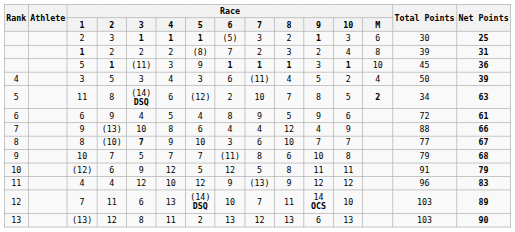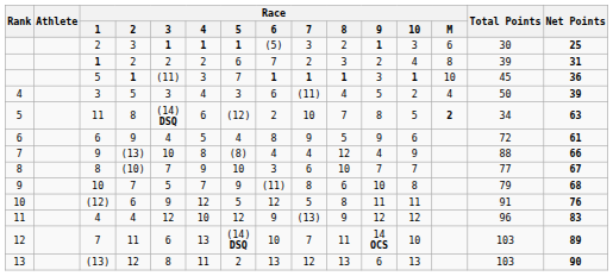 <table class="wikitable" style="text-align:center">
 <tr>
 <th rowspan="2">Rank</th>
 <th rowspan="2">Athlete</th>
 <th colspan="11">Race</th>
 <th rowspan="2">Total Points</th>
 <th rowspan="2">Net Points</th>
 </tr>
 <tr>
 <th width=40>1</th>
 <th width=40>2</th>
 <th width=40>3</th>
 <th width=40>4</th>
 <th width=40>5</th>
 <th width=40>6</th>
 <th width=40>7</th>
 <th width=40>8</th>
 <th width=40>9</th>
 <th width=40>10</th>
 <th width=40>M</th>
 </tr>
 <tr>
 <td></td>
 <td align=left></td>
 <td>2</td>
 <td>3</td>
 <td><strong>1</strong></td>
 <td><strong>1</strong></td>
 <td><strong>1</strong></td>
 <td>(5)</td>
 <td>3</td>
 <td>2</td>
 <td><strong>1</strong></td>
 <td>3</td>
 <td>6</td>
 <td align="center">30</td>
 <td align="center"><strong>25</strong></td>
 </tr>
 <tr>
 <td></td>
 <td align=left></td>
 <td><strong>1</strong></td>
 <td>2</td>
 <td>2</td>
 <td>2</td>
-<td>(8)</td>
+<td>6</td>
 <td>7</td>
 <td>2</td>
 <td>3</td>
 <td>2</td>
 <td>4</td>
 <td>8</td>
 <td align="center">39</td>
 <td align="center"><strong>31</strong></td>
 </tr>
 <tr>
 <td></td>
 <td align=left></td>
 <td>5</td>
 <td><strong>1</strong></td>
 <td>(11)</td>
 <td>3</td>
-<td>9</td>
+<td>7</td>
 <td><strong>1</strong></td>
 <td><strong>1</strong></td>
 <td><strong>1</strong></td>
 <td>3</td>
 <td><strong>1</strong></td>
 <td>10</td>
 <td align="center">45</td>
 <td align="center"><strong>36</strong></td>
 </tr>
 <tr>
 <td>4</td>
 <td align=left></td>
 <td>3</td>
 <td>5</td>
 <td>3</td>
 <td>4</td>
 <td>3</td>
 <td>6</td>
 <td>(11)</td>
 <td>4</td>
 <td>5</td>
 <td>2</td>
 <td>4</td>
 <td align="center">50</td>
 <td align="center"><strong>39</strong></td>
 </tr>
 <tr>
 <td>5</td>
 <td align=left></td>
 <td>11</td>
 <td>8</td>
 <td>(14)<br><strong>DSQ</strong></td>
 <td>6</td>
 <td>(12)</td>
 <td>2</td>
 <td>10</td>
 <td>7</td>
 <td>8</td>
 <td>5</td>
 <td><strong>2</strong></td>
 <td align="center">34</td>
 <td align="center"><strong>63</strong></td>
 </tr>
 <tr>
 <td>6</td>
 <td align=left></td>
 <td>6</td>
 <td>9</td>
 <td>4</td>
 <td>5</td>
 <td>4</td>
 <td>8</td>
 <td>9</td>
 <td>5</td>
 <td>9</td>
 <td>6</td>
 <td></td>
 <td align="center">72</td>
 <td align="center"><strong>61</strong></td>
 </tr>
 <tr>
 <td>7</td>
 <td align=left></td>
 <td>9</td>
 <td>(13)</td>
 <td>10</td>
 <td>8</td>
-<td>6</td>
+<td>(8)</td>
 <td>4</td>
 <td>4</td>
 <td>12</td>
 <td>4</td>
 <td>9</td>
 <td></td>
 <td align="center">88</td>
 <td align="center"><strong>66</strong></td>
 </tr>
 <tr>
 <td>8</td>
 <td align=left></td>
 <td>8</td>
 <td>(10)</td>
-<td><strong>7</strong></td>
+<td>7</td>
 <td>9</td>
 <td>10</td>
 <td>3</td>
 <td>6</td>
 <td>10</td>
 <td>7</td>
 <td>7</td>
 <td></td>
 <td align="center">77</td>
 <td align="center"><strong>67</strong></td>
 </tr>
 <tr>
 <td>9</td>
 <td align=left></td>
 <td>10</td>
 <td>7</td>
 <td>5</td>
 <td>7</td>
-<td>7</td>
+<td>9</td>
 <td>(11)</td>
 <td>8</td>
 <td>6</td>
 <td>10</td>
 <td>8</td>
 <td></td>
 <td align="center">79</td>
 <td align="center"><strong>68</strong></td>
 </tr>
 <tr>
 <td>10</td>
 <td align=left></td>
 <td>(12)</td>
 <td>6</td>
 <td>9</td>
 <td>12</td>
 <td>5</td>
 <td>12</td>
 <td>5</td>
 <td>8</td>
 <td>11</td>
 <td>11</td>
 <td></td>
 <td align="center">91</td>
-<td align="center"><strong>79</strong></td>
+<td align="center"><strong>76</strong></td>
 </tr>
 <tr>
 <td>11</td>
 <td align=left></td>
 <td>4</td>
 <td>4</td>
 <td>12</td>
 <td>10</td>
 <td>12</td>
 <td>9</td>
 <td>(13)</td>
 <td>9</td>
 <td>12</td>
 <td>12</td>
 <td></td>
 <td align="center">96</td>
 <td align="center"><strong>83</strong></td>
 </tr>
 <tr>
 <td>12</td>
 <td align=left></td>
 <td>7</td>
 <td>11</td>
 <td>6</td>
 <td>13</td>
 <td>(14)<br><strong>DSQ</strong></td>
 <td>10</td>
 <td>7</td>
 <td>11</td>
 <td>14<br><strong>OCS</strong></td>
 <td>10</td>
 <td></td>
 <td align="center">103</td>
 <td align="center"><strong>89</strong></td>
 </tr>
 <tr>
 <td>13</td>
 <td align=left></td>
 <td>(13)</td>
 <td>12</td>
 <td>8</td>
 <td>11</td>
 <td>2</td>
 <td>13</td>
 <td>12</td>
 <td>13</td>
 <td>6</td>
 <td>13</td>
 <td></td>
 <td align="center">103</td>
 <td align="center"><strong>90</strong></td>
 </tr>
 </table>
